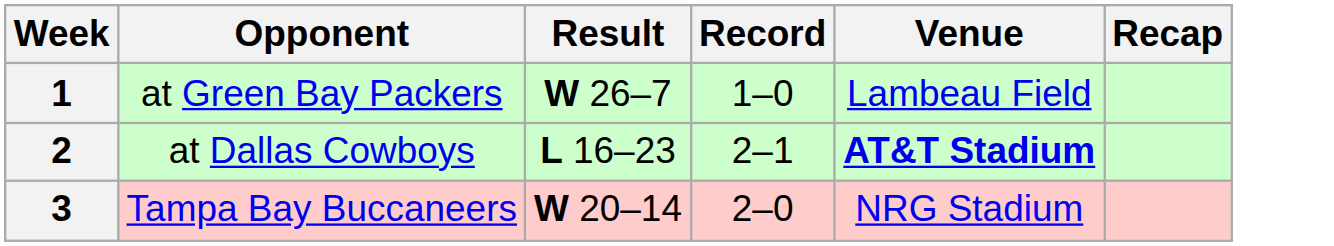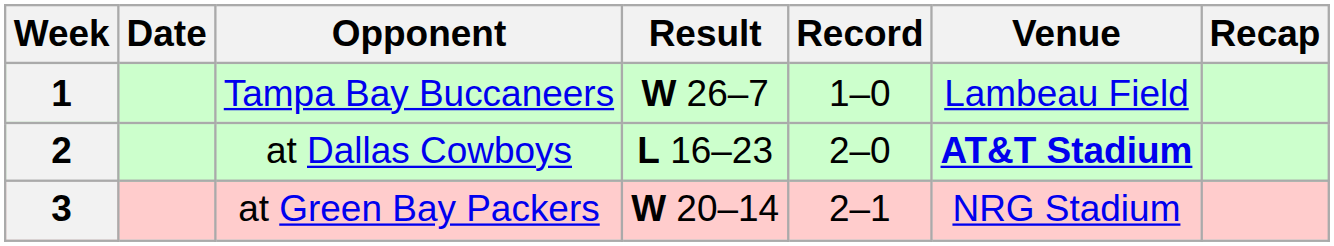 <table class="wikitable" style="text-align:center">
 <tr>
 <th>Week</th>
+<th>Date</th>
 <th>Opponent</th>
 <th>Result</th>
 <th>Record</th>
 <th>Venue</th>
 <th>Recap</th>
 </tr>
 <tr style="background:#cfc">
 <th>1</th>
-<td>at <a href='#'>Green Bay Packers</a></td>
+<td></td>
+<td><a href='#'>Tampa Bay Buccaneers</a></td>
 <td><strong>W</strong> 26–7</td>
 <td>1–0</td>
 <td><a href='#'>Lambeau Field</a></td>
 <td></td>
 </tr>
 <tr style="background:#cfc">
 <th>2</th>
+<td></td>
 <td>at <a href='#'>Dallas Cowboys</a></td>
 <td><strong>L</strong> 16–23</td>
-<td>2–1</td>
+<td>2–0</td>
 <td><strong><a href='#'>AT&T Stadium</a></strong></td>
 <td></td>
 </tr>
 <tr style="background:#fcc">
 <th>3</th>
-<td><a href='#'>Tampa Bay Buccaneers</a></td>
+<td></td>
+<td>at <a href='#'>Green Bay Packers</a></td>
 <td><strong>W</strong> 20–14</td>
-<td>2–0</td>
+<td>2–1</td>
 <td><a href='#'>NRG Stadium</a></td>
 <td></td>
 </tr>
 </table>
